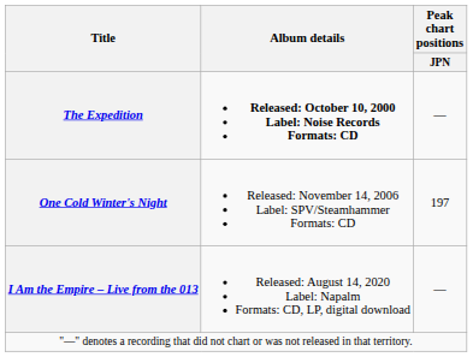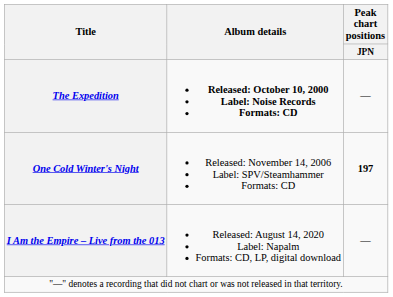 <table class="wikitable plainrowheaders" style="text-align:center;">
 <tr>
 <th scope="col" rowspan="2">Title</th>
 <th scope="col" rowspan="2">Album details</th>
 <th scope="col">Peak chart positions</th>
 </tr>
 <tr>
 <th scope="col" style="width:3em;font-size:90%;">JPN<br></th>
 </tr>
 <tr>
 <th scope="row"><em><a href='#'>The Expedition</a></em></th>
 <td><strong><br><ul><li>Released: October 10, 2000</li><li>Label: Noise Records</li><li>Formats: CD</li></ul></strong></td>
 <td>—</td>
 </tr>
 <tr>
 <th scope="row"><em><a href='#'>One Cold Winter's Night</a></em></th>
 <td><br><ul><li>Released: November 14, 2006</li><li>Label: SPV/Steamhammer</li><li>Formats: CD</li></ul></td>
-<td>197</td>
+<td><strong>197</strong></td>
 </tr>
 <tr>
 <th scope="row"><em><a href='#'>I Am the Empire – Live from the 013</a></em></th>
 <td><br><ul><li>Released: August 14, 2020</li><li>Label: Napalm</li><li>Formats: CD, LP, digital download</li></ul></td>
 <td>—</td>
 </tr>
 <tr>
 <td colspan="15" style="font-size:90%">"—" denotes a recording that did not chart or was not released in that territory.</td>
 </tr>
 </table>
